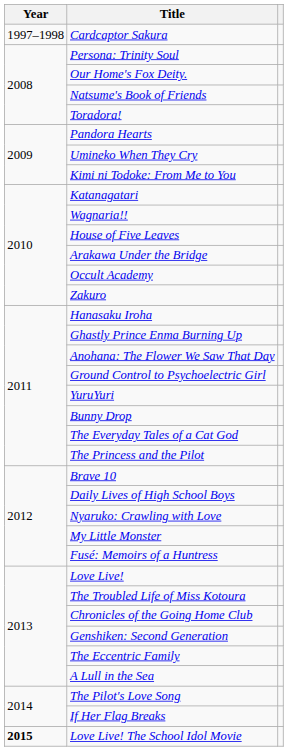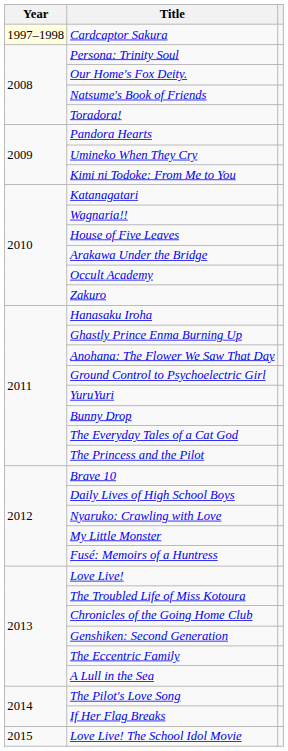 <table class="wikitable sortable">
 <tr>
 <th>Year</th>
 <th>Title</th>
 <th></th>
 </tr>
 <tr>
-<td>1997–1998</td>
+<td style="background: lightyellow;">1997–1998</td>
 <td><em><a href='#'>Cardcaptor Sakura</a></em></td>
 <td></td>
 </tr>
 <tr>
 <td rowspan="4">2008</td>
 <td><em><a href='#'>Persona: Trinity Soul</a></em></td>
 <td></td>
 </tr>
 <tr>
 <td><em><a href='#'>Our Home's Fox Deity.</a></em></td>
 <td></td>
 </tr>
 <tr>
 <td><em><a href='#'>Natsume's Book of Friends</a></em></td>
 <td></td>
 </tr>
 <tr>
 <td><em><a href='#'>Toradora!</a></em></td>
 <td></td>
 </tr>
 <tr>
 <td rowspan="3">2009</td>
 <td><em><a href='#'>Pandora Hearts</a></em></td>
 <td></td>
 </tr>
 <tr>
 <td><em><a href='#'>Umineko When They Cry</a></em></td>
 <td></td>
 </tr>
 <tr>
 <td><em><a href='#'>Kimi ni Todoke: From Me to You</a></em></td>
 <td></td>
 </tr>
 <tr>
 <td rowspan="6">2010</td>
 <td><em><a href='#'>Katanagatari</a></em></td>
 <td></td>
 </tr>
 <tr>
 <td><em><a href='#'>Wagnaria!!</a></em></td>
 <td></td>
 </tr>
 <tr>
 <td><em><a href='#'>House of Five Leaves</a></em></td>
 <td></td>
 </tr>
 <tr>
 <td><em><a href='#'>Arakawa Under the Bridge</a></em></td>
 <td></td>
 </tr>
 <tr>
 <td><em><a href='#'>Occult Academy</a></em></td>
 <td></td>
 </tr>
 <tr>
 <td><em><a href='#'>Zakuro</a></em></td>
 <td></td>
 </tr>
 <tr>
 <td rowspan="8">2011</td>
 <td><em><a href='#'>Hanasaku Iroha</a></em></td>
 <td></td>
 </tr>
 <tr>
 <td><em><a href='#'>Ghastly Prince Enma Burning Up</a></em></td>
 <td></td>
 </tr>
 <tr>
 <td><em><a href='#'>Anohana: The Flower We Saw That Day</a></em></td>
 <td></td>
 </tr>
 <tr>
 <td><em><a href='#'>Ground Control to Psychoelectric Girl</a></em></td>
 <td></td>
 </tr>
 <tr>
 <td><em><a href='#'>YuruYuri</a></em></td>
 <td></td>
 </tr>
 <tr>
 <td><em><a href='#'>Bunny Drop</a></em></td>
 <td></td>
 </tr>
 <tr>
 <td><em><a href='#'>The Everyday Tales of a Cat God</a></em></td>
 <td></td>
 </tr>
 <tr>
 <td><em><a href='#'>The Princess and the Pilot</a></em></td>
 <td></td>
 </tr>
 <tr>
 <td rowspan="5">2012</td>
 <td><em><a href='#'>Brave 10</a></em></td>
 <td></td>
 </tr>
 <tr>
 <td><em><a href='#'>Daily Lives of High School Boys</a></em></td>
 <td></td>
 </tr>
 <tr>
 <td><em><a href='#'>Nyaruko: Crawling with Love</a></em></td>
 <td></td>
 </tr>
 <tr>
 <td><em><a href='#'>My Little Monster</a></em></td>
 <td></td>
 </tr>
 <tr>
 <td><em><a href='#'>Fusé: Memoirs of a Huntress</a></em></td>
 <td></td>
 </tr>
 <tr>
 <td rowspan="6">2013</td>
 <td><em><a href='#'>Love Live!</a> </em></td>
 <td></td>
 </tr>
 <tr>
 <td><em><a href='#'>The Troubled Life of Miss Kotoura</a></em></td>
 <td></td>
 </tr>
 <tr>
 <td><em><a href='#'>Chronicles of the Going Home Club</a></em></td>
 <td></td>
 </tr>
 <tr>
 <td><em><a href='#'>Genshiken: Second Generation</a></em></td>
 <td></td>
 </tr>
 <tr>
 <td><em><a href='#'>The Eccentric Family</a></em></td>
 <td></td>
 </tr>
 <tr>
 <td><em><a href='#'>A Lull in the Sea</a></em></td>
 <td></td>
 </tr>
 <tr>
 <td rowspan="2">2014</td>
 <td><em><a href='#'>The Pilot's Love Song</a></em></td>
 <td></td>
 </tr>
 <tr>
 <td><em><a href='#'>If Her Flag Breaks</a></em></td>
 <td></td>
 </tr>
 <tr>
-<td><strong>2015</strong></td>
+<td>2015</td>
 <td><em><a href='#'>Love Live! The School Idol Movie</a></em></td>
 <td></td>
 </tr>
 </table>
